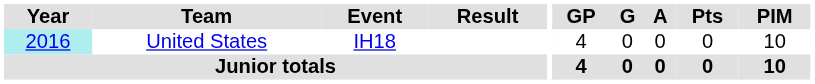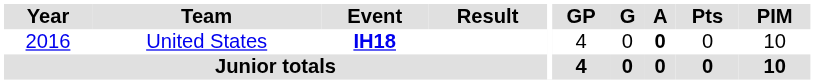 <table border="0" cellpadding="1" cellspacing="0" ID="Table3" style="text-align:center; width:40em">
 <tr ALIGN="center" bgcolor="#e0e0e0">
 <th>Year</th>
 <th>Team</th>
 <th>Event</th>
 <th>Result</th>
 <th rowspan="99" bgcolor="#ffffff"></th>
 <th>GP</th>
 <th>G</th>
 <th>A</th>
 <th>Pts</th>
 <th>PIM</th>
 </tr>
 <tr>
-<td style="background: paleturquoise;"><a href='#'>2016</a></td>
+<td><a href='#'>2016</a></td>
 <td><a href='#'>United States</a></td>
-<td><a href='#'>IH18</a></td>
+<td><strong><a href='#'>IH18</a></strong></td>
 <td></td>
 <td>4</td>
 <td>0</td>
-<td>0</td>
+<td><strong>0</strong></td>
 <td>0</td>
 <td>10</td>
 </tr>
 <tr bgcolor="#e0e0e0">
 <th colspan="4">Junior totals</th>
 <th>4</th>
 <th>0</th>
 <th>0</th>
 <th>0</th>
 <th>10</th>
 </tr>
 </table>
